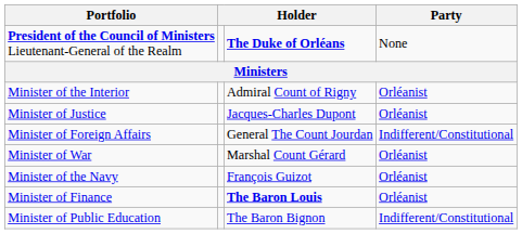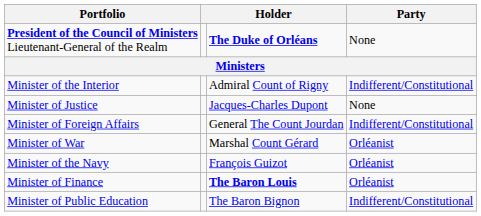 <table class="wikitable">
 <tr>
 <th>Portfolio</th>
 <th colspan=2>Holder</th>
 <th>Party</th>
 </tr>
 <tr>
 <td><strong><a href='#'>President of the Council of Ministers</a></strong><br>Lieutenant-General of the Realm</td>
 <td style="background:"></td>
 <td><strong><a href='#'>The Duke of Orléans</a></strong></td>
 <td>None</td>
 </tr>
 <tr>
 <th colspan=4 align=center><a href='#'>Ministers</a></th>
 </tr>
 <tr>
 <td><a href='#'>Minister of the Interior</a></td>
 <td style="background:"></td>
 <td>Admiral <a href='#'>Count of Rigny</a></td>
-<td><a href='#'>Orléanist</a></td>
+<td><a href='#'>Indifferent/Constitutional</a></td>
 </tr>
 <tr>
 <td><a href='#'>Minister of Justice</a></td>
 <td style="background:"></td>
 <td><a href='#'>Jacques-Charles Dupont</a></td>
-<td><a href='#'>Orléanist</a></td>
+<td>None</td>
 </tr>
 <tr>
 <td><a href='#'>Minister of Foreign Affairs</a></td>
 <td style="background:"></td>
 <td>General <a href='#'>The Count Jourdan</a></td>
 <td><a href='#'>Indifferent/Constitutional</a></td>
 </tr>
 <tr>
 <td><a href='#'>Minister of War</a></td>
 <td style="background:"></td>
 <td>Marshal <a href='#'>Count Gérard</a></td>
 <td><a href='#'>Orléanist</a></td>
 </tr>
 <tr>
 <td><a href='#'>Minister of the Navy</a></td>
 <td style="background:"></td>
 <td><a href='#'>François Guizot</a></td>
 <td><a href='#'>Orléanist</a></td>
 </tr>
 <tr>
 <td><a href='#'>Minister of Finance</a></td>
 <td style="background:"></td>
 <td><strong><a href='#'>The Baron Louis</a></strong></td>
 <td><a href='#'>Orléanist</a></td>
 </tr>
 <tr>
 <td><a href='#'>Minister of Public Education</a></td>
 <td style="background:"></td>
 <td><a href='#'>The Baron Bignon</a></td>
 <td><a href='#'>Indifferent/Constitutional</a></td>
 </tr>
 </table>
